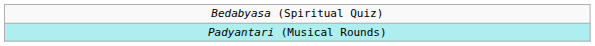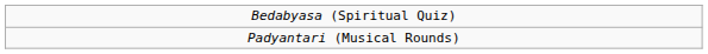 <table class="wikitable sortable" style="border-collapse:collapse; font-size: 90%; text-align:center" width="100%">
 <tr>
 <td><em>Bedabyasa</em> (Spiritual Quiz)</td>
 </tr>
 <tr>
-<td style="background: paleturquoise;"><em>Padyantari</em> (Musical Rounds)</td>
+<td><em>Padyantari</em> (Musical Rounds)</td>
 </tr>
 </table>
